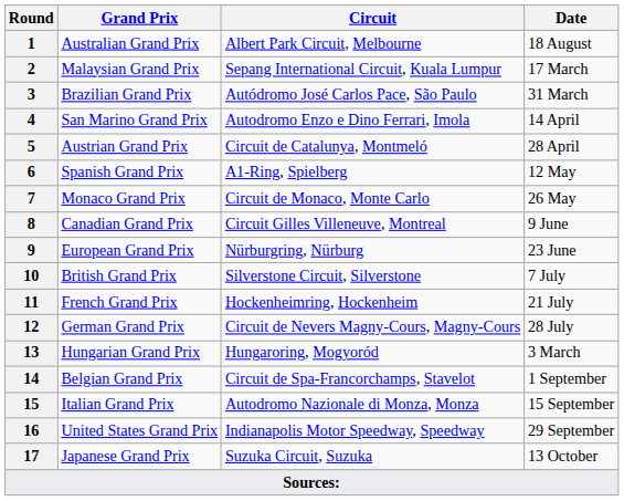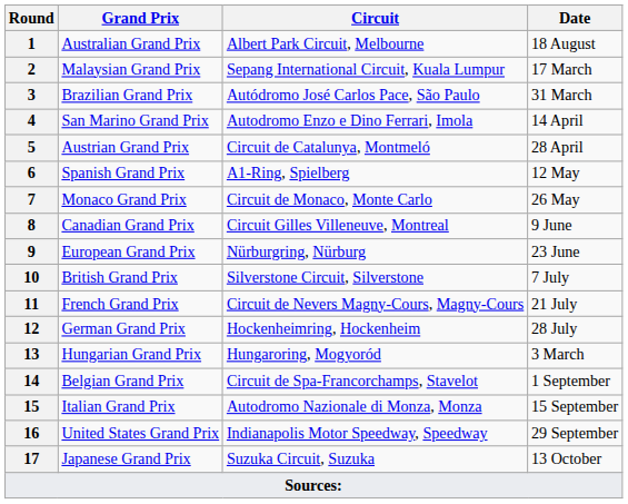 <table class="wikitable" style="font-size: 85%;">
 <tr>
 <th>Round</th>
 <th><a href='#'>Grand Prix</a></th>
 <th><a href='#'>Circuit</a></th>
 <th>Date</th>
 </tr>
 <tr>
 <th>1</th>
 <td><a href='#'>Australian Grand Prix</a></td>
 <td> <a href='#'>Albert Park Circuit</a>, <a href='#'>Melbourne</a></td>
 <td>18 August</td>
 </tr>
 <tr>
 <th>2</th>
 <td><a href='#'>Malaysian Grand Prix</a></td>
 <td> <a href='#'>Sepang International Circuit</a>, <a href='#'>Kuala Lumpur</a></td>
 <td>17 March</td>
 </tr>
 <tr>
 <th>3</th>
 <td><a href='#'>Brazilian Grand Prix</a></td>
 <td> <a href='#'>Autódromo José Carlos Pace</a>, <a href='#'>São Paulo</a></td>
 <td>31 March</td>
 </tr>
 <tr>
 <th>4</th>
 <td><a href='#'>San Marino Grand Prix</a></td>
 <td> <a href='#'>Autodromo Enzo e Dino Ferrari</a>, <a href='#'>Imola</a></td>
 <td>14 April</td>
 </tr>
 <tr>
 <th>5</th>
 <td><a href='#'>Austrian Grand Prix</a></td>
 <td> <a href='#'>Circuit de Catalunya</a>, <a href='#'>Montmeló</a></td>
 <td>28 April</td>
 </tr>
 <tr>
 <th>6</th>
 <td><a href='#'>Spanish Grand Prix</a></td>
 <td> <a href='#'>A1-Ring</a>, <a href='#'>Spielberg</a></td>
 <td>12 May</td>
 </tr>
 <tr>
 <th>7</th>
 <td><a href='#'>Monaco Grand Prix</a></td>
 <td> <a href='#'>Circuit de Monaco</a>, <a href='#'>Monte Carlo</a></td>
 <td>26 May</td>
 </tr>
 <tr>
 <th>8</th>
 <td><a href='#'>Canadian Grand Prix</a></td>
 <td> <a href='#'>Circuit Gilles Villeneuve</a>, <a href='#'>Montreal</a></td>
 <td>9 June</td>
 </tr>
 <tr>
 <th>9</th>
 <td><a href='#'>European Grand Prix</a></td>
 <td> <a href='#'>Nürburgring</a>, <a href='#'>Nürburg</a></td>
 <td>23 June</td>
 </tr>
 <tr>
 <th>10</th>
 <td><a href='#'>British Grand Prix</a></td>
 <td> <a href='#'>Silverstone Circuit</a>, <a href='#'>Silverstone</a></td>
 <td>7 July</td>
 </tr>
 <tr>
 <th>11</th>
 <td><a href='#'>French Grand Prix</a></td>
-<td> <a href='#'>Hockenheimring</a>, <a href='#'>Hockenheim</a></td>
+<td> <a href='#'>Circuit de Nevers Magny-Cours</a>, <a href='#'>Magny-Cours</a></td>
 <td>21 July</td>
 </tr>
 <tr>
 <th>12</th>
 <td><a href='#'>German Grand Prix</a></td>
-<td> <a href='#'>Circuit de Nevers Magny-Cours</a>, <a href='#'>Magny-Cours</a></td>
+<td> <a href='#'>Hockenheimring</a>, <a href='#'>Hockenheim</a></td>
 <td>28 July</td>
 </tr>
 <tr>
 <th>13</th>
 <td><a href='#'>Hungarian Grand Prix</a></td>
 <td> <a href='#'>Hungaroring</a>, <a href='#'>Mogyoród</a></td>
 <td>3 March</td>
 </tr>
 <tr>
 <th>14</th>
 <td><a href='#'>Belgian Grand Prix</a></td>
 <td> <a href='#'>Circuit de Spa-Francorchamps</a>, <a href='#'>Stavelot</a></td>
 <td>1 September</td>
 </tr>
 <tr>
 <th>15</th>
 <td><a href='#'>Italian Grand Prix</a></td>
 <td> <a href='#'>Autodromo Nazionale di Monza</a>, <a href='#'>Monza</a></td>
 <td>15 September</td>
 </tr>
 <tr>
 <th>16</th>
 <td><a href='#'>United States Grand Prix</a></td>
 <td> <a href='#'>Indianapolis Motor Speedway</a>, <a href='#'>Speedway</a></td>
 <td>29 September</td>
 </tr>
 <tr>
 <th>17</th>
 <td><a href='#'>Japanese Grand Prix</a></td>
 <td> <a href='#'>Suzuka Circuit</a>, <a href='#'>Suzuka</a></td>
 <td>13 October</td>
 </tr>
 <tr>
 <td colspan="4" style="background-color:#EAECF0;text-align:center" align="bottom"><strong>Sources:</strong></td>
 </tr>
 </table>
